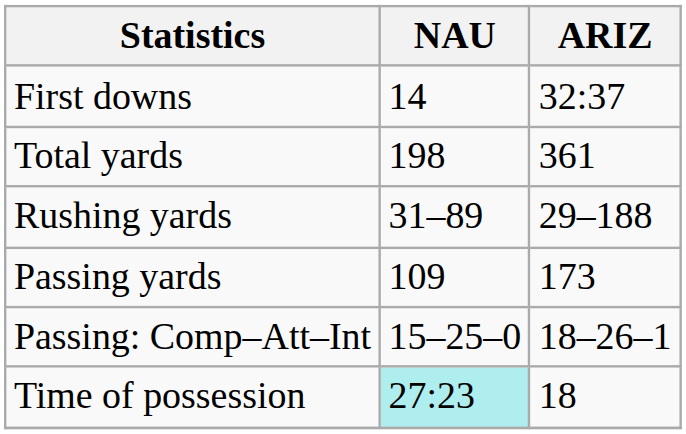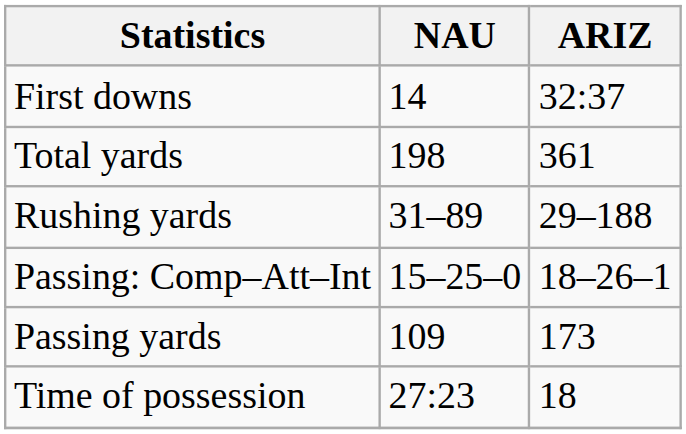 <table class="wikitable" style="float: left;">
 <tr>
 <th>Statistics</th>
 <th>NAU</th>
 <th>ARIZ</th>
 </tr>
 <tr>
 <td>First downs</td>
 <td>14</td>
 <td>32:37</td>
 </tr>
 <tr>
 <td>Total yards</td>
 <td>198</td>
 <td>361</td>
 </tr>
 <tr>
 <td>Rushing yards</td>
 <td>31–89</td>
 <td>29–188</td>
 </tr>
 <tr>
+<td>Passing: Comp–Att–Int</td>
+<td>15–25–0</td>
+<td>18–26–1</td>
+</tr>
+<tr>
 <td>Passing yards</td>
 <td>109</td>
 <td>173</td>
 </tr>
 <tr>
-<td>Passing: Comp–Att–Int</td>
-<td>15–25–0</td>
-<td>18–26–1</td>
-</tr>
-<tr>
 <td>Time of possession</td>
-<td style="background: paleturquoise;">27:23</td>
+<td>27:23</td>
 <td>18</td>
 </tr>
 <tr>
 </tr>
 </table>
